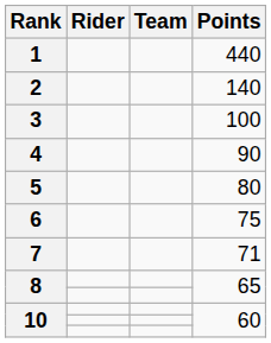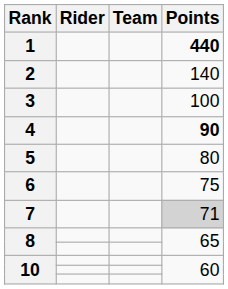 <table class="wikitable">
 <tr>
 <th scope="col">Rank</th>
 <th scope="col">Rider</th>
 <th scope="col">Team</th>
 <th scope="col">Points</th>
 </tr>
 <tr>
 <th scope="row">1</th>
 <td></td>
 <td></td>
-<td style="text-align:right;">440</td>
+<td style="text-align:right;"><strong>440</strong></td>
 </tr>
 <tr>
 <th scope="row">2</th>
 <td></td>
 <td></td>
 <td style="text-align:right;">140</td>
 </tr>
 <tr>
 <th scope="row">3</th>
 <td></td>
 <td></td>
 <td style="text-align:right;">100</td>
 </tr>
 <tr>
 <th scope="row">4</th>
 <td></td>
 <td></td>
-<td style="text-align:right;">90</td>
+<td style="text-align:right;"><strong>90</strong></td>
 </tr>
 <tr>
 <th scope="row">5</th>
 <td></td>
 <td></td>
 <td style="text-align:right;">80</td>
 </tr>
 <tr>
 <th scope="row">6</th>
 <td></td>
 <td></td>
 <td style="text-align:right;">75</td>
 </tr>
 <tr>
 <th scope="row">7</th>
 <td></td>
 <td></td>
-<td style="text-align:right;">71</td>
+<td style="background: lightgrey; text-align:right;">71</td>
 </tr>
 <tr>
 <th scope="row" rowspan="2">8</th>
 <td></td>
 <td></td>
 <td style="text-align:right;" rowspan="2">65</td>
 </tr>
 <tr>
 <td></td>
 <td></td>
 </tr>
 <tr>
 <th scope="row" rowspan="3">10</th>
 <td></td>
 <td></td>
 <td style="text-align:right;" rowspan="3">60</td>
 </tr>
 <tr>
 <td></td>
 <td></td>
 </tr>
 <tr>
 <td></td>
 <td></td>
 </tr>
 </table>
